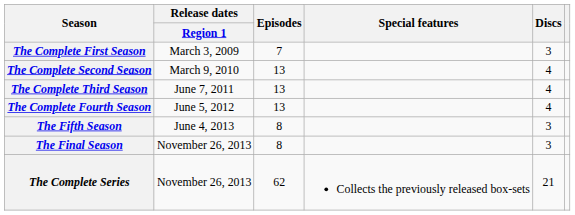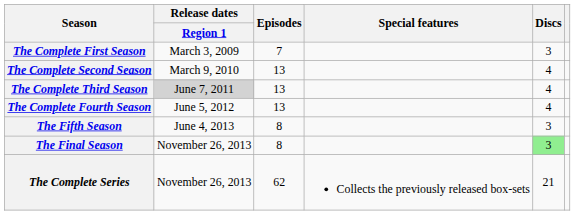 <table class="wikitable" style="text-align:center">
 <tr>
 <th rowspan="2">Season</th>
 <th colspan="1">Release dates</th>
 <th rowspan="2">Episodes</th>
 <th rowspan="2">Special features</th>
 <th rowspan="2">Discs</th>
 <th rowspan="2"></th>
 </tr>
 <tr>
 <th><a href='#'>Region 1</a></th>
 </tr>
 <tr>
 <th><em><a href='#'>The Complete First Season</a></em></th>
 <td>March 3, 2009</td>
 <td>7</td>
 <td style="text-align:left"><br></td>
 <td>3</td>
 <td></td>
 </tr>
 <tr>
 <th><em><a href='#'>The Complete Second Season</a></em></th>
 <td>March 9, 2010</td>
 <td>13</td>
 <td style="text-align:left"><br></td>
 <td>4</td>
 <td></td>
 </tr>
 <tr>
 <th><em><a href='#'>The Complete Third Season</a></em></th>
-<td>June 7, 2011</td>
+<td style="background: lightgrey;">June 7, 2011</td>
 <td>13</td>
 <td style="text-align:left"><br></td>
 <td>4</td>
 <td></td>
 </tr>
 <tr>
 <th><em><a href='#'>The Complete Fourth Season</a></em></th>
 <td>June 5, 2012</td>
 <td>13</td>
 <td style="text-align:left"><br></td>
 <td>4</td>
 <td></td>
 </tr>
 <tr>
 <th><em><a href='#'>The Fifth Season</a></em></th>
 <td>June 4, 2013</td>
 <td>8</td>
 <td style="text-align:left"><br></td>
 <td>3</td>
 <td></td>
 </tr>
 <tr>
 <th><em><a href='#'>The Final Season</a></em></th>
 <td>November 26, 2013</td>
 <td>8</td>
 <td style="text-align:left"><br></td>
-<td>3</td>
+<td style="background: lightgreen;">3</td>
 <td></td>
 </tr>
 <tr>
 <th><em>The Complete Series</em></th>
 <td>November 26, 2013</td>
 <td>62</td>
 <td style="text-align:left"><br><ul><li>Collects the previously released box-sets</li></ul></td>
 <td>21</td>
 <td></td>
 </tr>
 </table>
